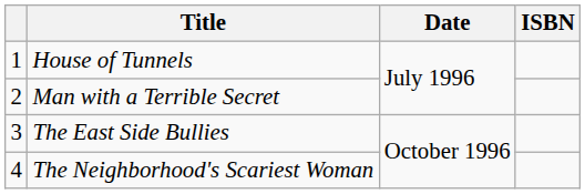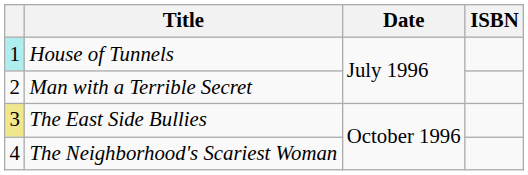 <table class="wikitable">
 <tr>
 <th></th>
 <th>Title</th>
 <th>Date</th>
 <th>ISBN</th>
 </tr>
 <tr>
-<td>1</td>
+<td style="background: paleturquoise;">1</td>
 <td><em>House of Tunnels</em></td>
 <td rowspan="2">July 1996</td>
 <td></td>
 </tr>
 <tr>
 <td>2</td>
 <td><em>Man with a Terrible Secret</em></td>
 <td></td>
 </tr>
 <tr>
-<td>3</td>
+<td style="background: khaki;">3</td>
 <td><em>The East Side Bullies</em></td>
 <td rowspan="2">October 1996</td>
 <td></td>
 </tr>
 <tr>
 <td>4</td>
 <td><em>The Neighborhood's Scariest Woman</em></td>
 <td></td>
 </tr>
 </table>
